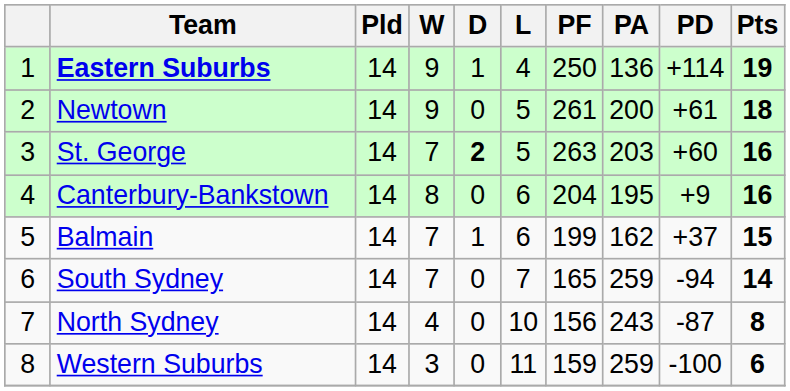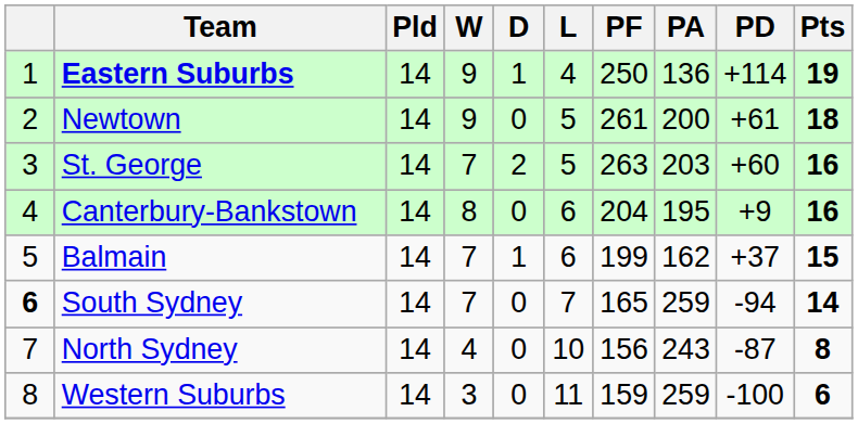 <table class="wikitable" style="text-align:center;">
 <tr>
 <th width=20 abbr="Position"></th>
 <th width=175>Team</th>
 <th width=20 abbr="Played">Pld</th>
 <th width=20 abbr="Won">W</th>
 <th width=20 abbr="Drawn">D</th>
 <th width=20 abbr="Lost">L</th>
 <th width=20 abbr="Points for">PF</th>
 <th width=20 abbr="Points against">PA</th>
 <th width=20 abbr="Points difference">PD</th>
 <th width=20 abbr="Points">Pts</th>
 </tr>
 <tr style="background: #ccffcc;">
 <td>1</td>
 <td style="text-align:left;"> <strong><a href='#'>Eastern Suburbs</a></strong></td>
 <td>14</td>
 <td>9</td>
 <td>1</td>
 <td>4</td>
 <td>250</td>
 <td>136</td>
 <td>+114</td>
 <td><strong>19</strong></td>
 </tr>
 <tr style="background: #ccffcc;">
 <td>2</td>
 <td style="text-align:left;"> <a href='#'>Newtown</a></td>
 <td>14</td>
 <td>9</td>
 <td>0</td>
 <td>5</td>
 <td>261</td>
 <td>200</td>
 <td>+61</td>
 <td><strong>18</strong></td>
 </tr>
 <tr style="background: #ccffcc;">
 <td>3</td>
 <td style="text-align:left;"> <a href='#'>St. George</a></td>
 <td>14</td>
 <td>7</td>
-<td><strong>2</strong></td>
+<td>2</td>
 <td>5</td>
 <td>263</td>
 <td>203</td>
 <td>+60</td>
 <td><strong>16</strong></td>
 </tr>
 <tr style="background: #ccffcc;">
 <td>4</td>
 <td style="text-align:left;"> <a href='#'>Canterbury-Bankstown</a></td>
 <td>14</td>
 <td>8</td>
 <td>0</td>
 <td>6</td>
 <td>204</td>
 <td>195</td>
 <td>+9</td>
 <td><strong>16</strong></td>
 </tr>
 <tr>
 <td>5</td>
 <td style="text-align:left;"> <a href='#'>Balmain</a></td>
 <td>14</td>
 <td>7</td>
 <td>1</td>
 <td>6</td>
 <td>199</td>
 <td>162</td>
 <td>+37</td>
 <td><strong>15</strong></td>
 </tr>
 <tr>
-<td>6</td>
+<td><strong>6</strong></td>
 <td style="text-align:left;"> <a href='#'>South Sydney</a></td>
 <td>14</td>
 <td>7</td>
 <td>0</td>
 <td>7</td>
 <td>165</td>
 <td>259</td>
 <td>-94</td>
 <td><strong>14</strong></td>
 </tr>
 <tr>
 <td>7</td>
 <td style="text-align:left;"> <a href='#'>North Sydney</a></td>
 <td>14</td>
 <td>4</td>
 <td>0</td>
 <td>10</td>
 <td>156</td>
 <td>243</td>
 <td>-87</td>
 <td><strong>8</strong></td>
 </tr>
 <tr>
 <td>8</td>
 <td style="text-align:left;"> <a href='#'>Western Suburbs</a></td>
 <td>14</td>
 <td>3</td>
 <td>0</td>
 <td>11</td>
 <td>159</td>
 <td>259</td>
 <td>-100</td>
 <td><strong>6</strong></td>
 </tr>
 <tr>
 </tr>
 </table>
